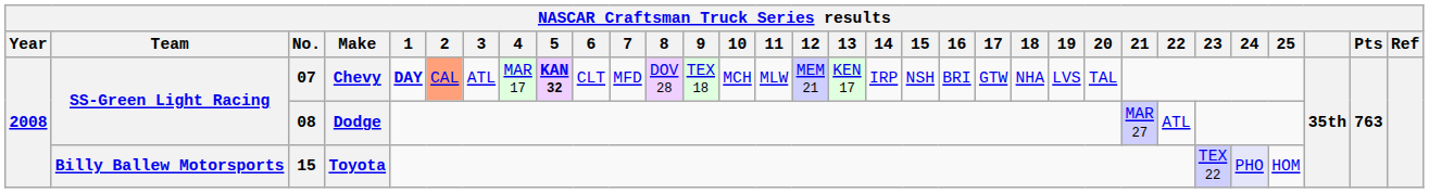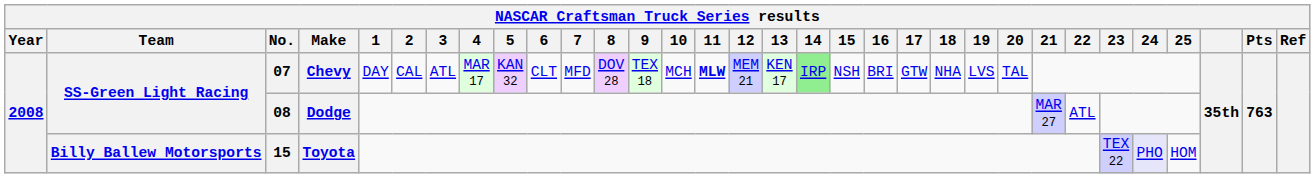 <table class="wikitable" style="text-align:center; font-size:75%">
 <tr>
 <th colspan=45><a href='#'>NASCAR Craftsman Truck Series</a> results</th>
 </tr>
 <tr>
 <th>Year</th>
 <th>Team</th>
 <th>No.</th>
 <th>Make</th>
 <th>1</th>
 <th>2</th>
 <th>3</th>
 <th>4</th>
 <th>5</th>
 <th>6</th>
 <th>7</th>
 <th>8</th>
 <th>9</th>
 <th>10</th>
 <th>11</th>
 <th>12</th>
 <th>13</th>
 <th>14</th>
 <th>15</th>
 <th>16</th>
 <th>17</th>
 <th>18</th>
 <th>19</th>
 <th>20</th>
 <th>21</th>
 <th>22</th>
 <th>23</th>
 <th>24</th>
 <th>25</th>
 <th></th>
 <th>Pts</th>
 <th>Ref</th>
 </tr>
 <tr>
 <th rowspan=3><a href='#'>2008</a></th>
 <th rowspan=2><a href='#'>SS-Green Light Racing</a></th>
 <th>07</th>
 <th><a href='#'>Chevy</a></th>
-<td><strong><a href='#'>DAY</a></strong></td>
-<td style="background: lightsalmon;"><a href='#'>CAL</a></td>
+<td><a href='#'>DAY</a></td>
+<td><a href='#'>CAL</a></td>
 <td><a href='#'>ATL</a></td>
 <td style="background:#DFFFDF;"><a href='#'>MAR</a><br><small>17</small></td>
-<td style="background:#EFCFFF;"><strong><a href='#'>KAN</a><br><small>32</small></strong></td>
+<td style="background:#EFCFFF;"><a href='#'>KAN</a><br><small>32</small></td>
 <td><a href='#'>CLT</a></td>
 <td><a href='#'>MFD</a></td>
 <td style="background:#EFCFFF;"><a href='#'>DOV</a><br><small>28</small></td>
 <td style="background:#DFFFDF;"><a href='#'>TEX</a><br><small>18</small></td>
 <td><a href='#'>MCH</a></td>
-<td><a href='#'>MLW</a></td>
+<td><strong><a href='#'>MLW</a></strong></td>
 <td style="background:#CFCFFF;"><a href='#'>MEM</a><br><small>21</small></td>
 <td style="background:#DFFFDF;"><a href='#'>KEN</a><br><small>17</small></td>
-<td><a href='#'>IRP</a></td>
+<td style="background: lightgreen;"><a href='#'>IRP</a></td>
 <td><a href='#'>NSH</a></td>
 <td><a href='#'>BRI</a></td>
 <td><a href='#'>GTW</a></td>
 <td><a href='#'>NHA</a></td>
 <td><a href='#'>LVS</a></td>
 <td><a href='#'>TAL</a></td>
 <td colspan=5></td>
 <th rowspan=3>35th</th>
 <th rowspan=3>763</th>
 <th rowspan=3></th>
 </tr>
 <tr>
 <th>08</th>
 <th><a href='#'>Dodge</a></th>
 <td colspan=20></td>
 <td style="background:#CFCFFF;"><a href='#'>MAR</a><br><small>27</small></td>
 <td><a href='#'>ATL</a></td>
 <td colspan=3></td>
 </tr>
 <tr>
 <th><a href='#'>Billy Ballew Motorsports</a></th>
 <th>15</th>
 <th><a href='#'>Toyota</a></th>
 <td colspan=22></td>
 <td style="background:#CFCFFF;"><a href='#'>TEX</a><br><small>22</small></td>
 <td style="background: lavender;"><a href='#'>PHO</a></td>
 <td><a href='#'>HOM</a></td>
 </tr>
 </table>
